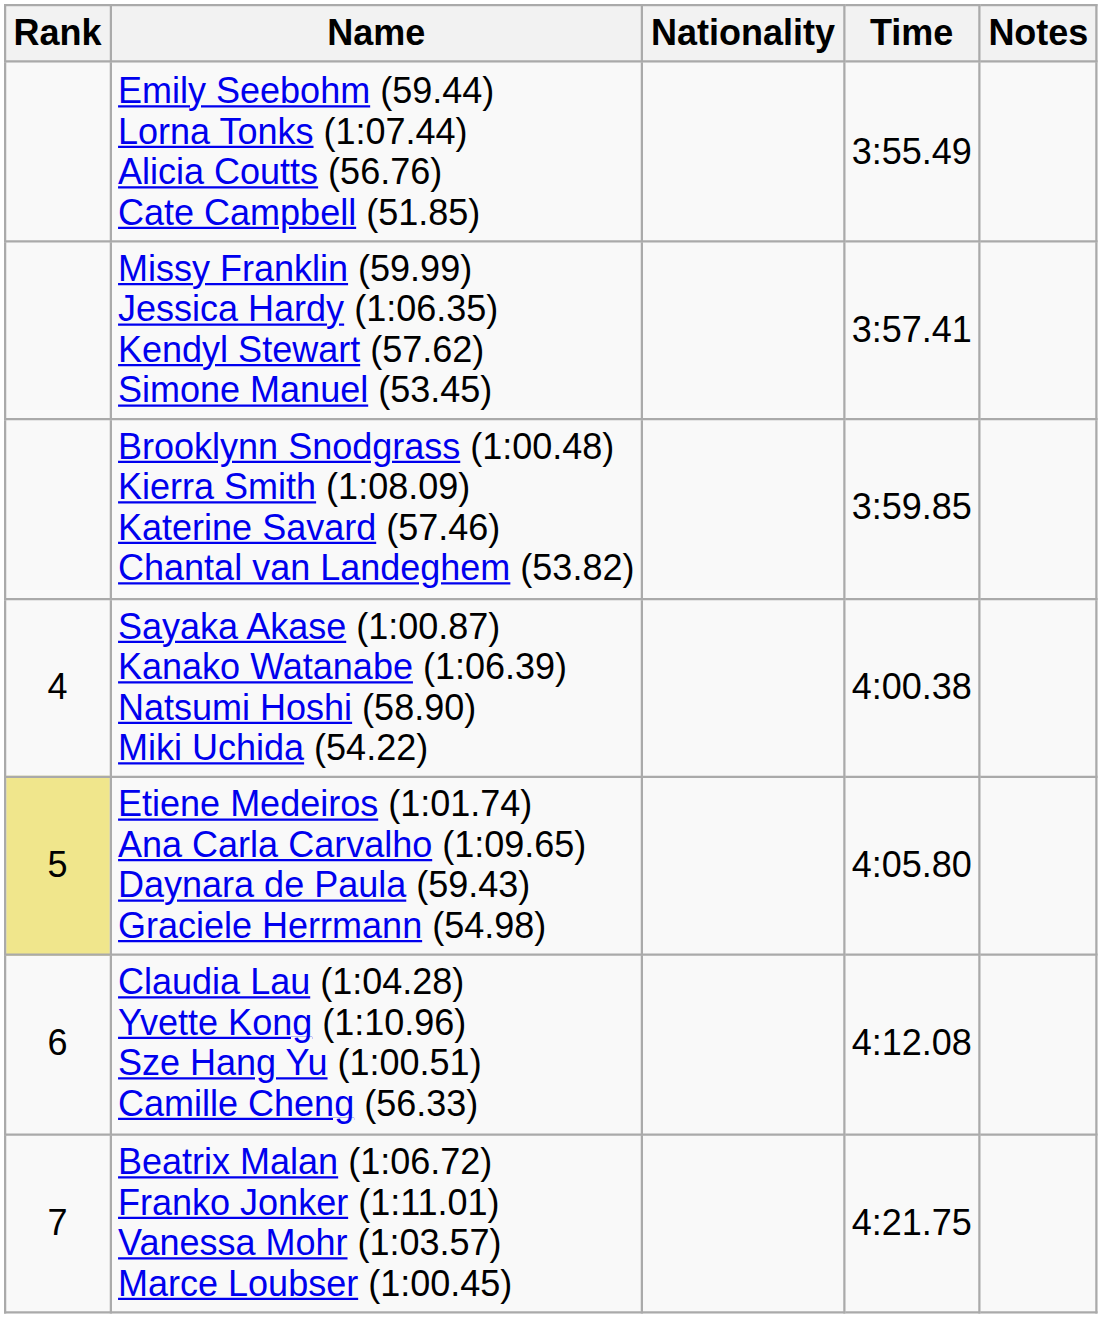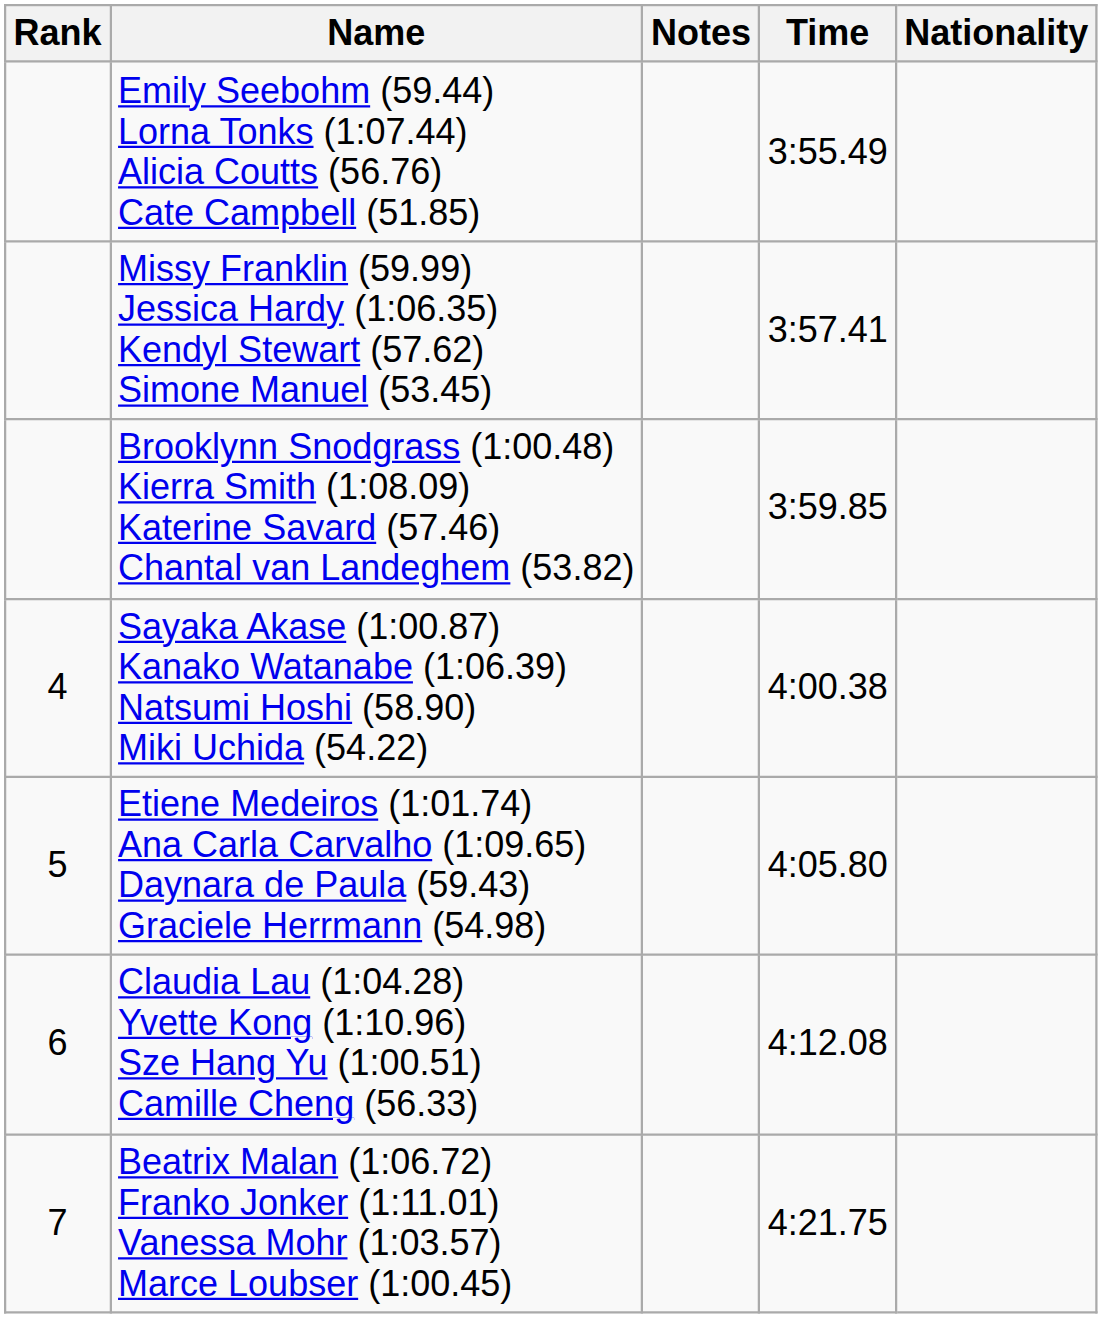 <table class="wikitable sortable" style="text-align:center">
 <tr>
 <th>Rank</th>
 <th>Name</th>
+<th>Notes</th>
+<th>Time</th>
 <th>Nationality</th>
-<th>Time</th>
-<th>Notes</th>
 </tr>
 <tr>
 <td></td>
 <td align=left><a href='#'>Emily Seebohm</a> (59.44) <br><a href='#'>Lorna Tonks</a> (1:07.44) <br><a href='#'>Alicia Coutts</a> (56.76) <br><a href='#'>Cate Campbell</a> (51.85)</td>
+<td></td>
+<td>3:55.49</td>
 <td align=left></td>
-<td>3:55.49</td>
-<td></td>
 </tr>
 <tr>
 <td></td>
 <td align=left><a href='#'>Missy Franklin</a> (59.99) <br><a href='#'>Jessica Hardy</a> (1:06.35) <br><a href='#'>Kendyl Stewart</a> (57.62) <br><a href='#'>Simone Manuel</a> (53.45)</td>
+<td></td>
+<td>3:57.41</td>
 <td align=left></td>
-<td>3:57.41</td>
-<td></td>
 </tr>
 <tr>
 <td></td>
 <td align=left><a href='#'>Brooklynn Snodgrass</a> (1:00.48) <br><a href='#'>Kierra Smith</a> (1:08.09) <br><a href='#'>Katerine Savard</a> (57.46) <br><a href='#'>Chantal van Landeghem</a> (53.82)</td>
+<td></td>
+<td>3:59.85</td>
 <td align=left></td>
-<td>3:59.85</td>
-<td></td>
 </tr>
 <tr>
 <td>4</td>
 <td align=left><a href='#'>Sayaka Akase</a> (1:00.87) <br><a href='#'>Kanako Watanabe</a> (1:06.39) <br><a href='#'>Natsumi Hoshi</a> (58.90) <br><a href='#'>Miki Uchida</a> (54.22)</td>
+<td></td>
+<td>4:00.38</td>
 <td align=left></td>
-<td>4:00.38</td>
-<td></td>
 </tr>
 <tr>
-<td style="background: khaki;">5</td>
+<td>5</td>
 <td align=left><a href='#'>Etiene Medeiros</a> (1:01.74) <br><a href='#'>Ana Carla Carvalho</a> (1:09.65) <br><a href='#'>Daynara de Paula</a> (59.43) <br><a href='#'>Graciele Herrmann</a> (54.98)</td>
+<td></td>
+<td>4:05.80</td>
 <td align=left></td>
-<td>4:05.80</td>
-<td></td>
 </tr>
 <tr>
 <td>6</td>
 <td align=left><a href='#'>Claudia Lau</a> (1:04.28) <br><a href='#'>Yvette Kong</a> (1:10.96) <br><a href='#'>Sze Hang Yu</a> (1:00.51) <br><a href='#'>Camille Cheng</a> (56.33)</td>
+<td></td>
+<td>4:12.08</td>
 <td align=left></td>
-<td>4:12.08</td>
-<td></td>
 </tr>
 <tr>
 <td>7</td>
 <td align=left><a href='#'>Beatrix Malan</a> (1:06.72) <br> <a href='#'>Franko Jonker</a> (1:11.01) <br> <a href='#'>Vanessa Mohr</a> (1:03.57) <br> <a href='#'>Marce Loubser</a> (1:00.45)</td>
+<td></td>
+<td>4:21.75</td>
 <td align=left></td>
-<td>4:21.75</td>
-<td></td>
 </tr>
 </table>
